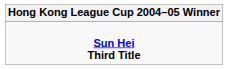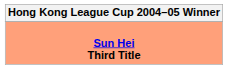 <table class="wikitable" style="text-align: center; margin: 0 auto;">
 <tr>
 <th>Hong Kong League Cup 2004–05 Winner</th>
 </tr>
 <tr>
 </tr>
 <tr>
-<td><br><strong><a href='#'>Sun Hei</a></strong><br><strong>Third Title</strong></td>
+<td style="background: lightsalmon;"><br><strong><a href='#'>Sun Hei</a></strong><br><strong>Third Title</strong></td>
 </tr>
 </table>
